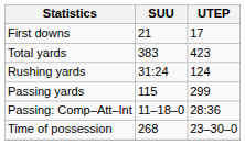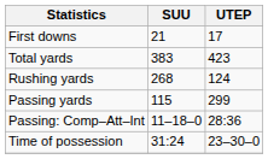 <table class="wikitable" style="float: left;">
 <tr>
 <th>Statistics</th>
 <th>SUU</th>
 <th>UTEP</th>
 </tr>
 <tr>
 <td>First downs</td>
 <td>21</td>
 <td>17</td>
 </tr>
 <tr>
 <td>Total yards</td>
 <td>383</td>
 <td>423</td>
 </tr>
 <tr>
 <td>Rushing yards</td>
-<td>31:24</td>
+<td>268</td>
 <td>124</td>
 </tr>
 <tr>
 <td>Passing yards</td>
 <td>115</td>
 <td>299</td>
 </tr>
 <tr>
 <td>Passing: Comp–Att–Int</td>
 <td>11–18–0</td>
 <td>28:36</td>
 </tr>
 <tr>
 <td>Time of possession</td>
-<td>268</td>
+<td>31:24</td>
 <td>23–30–0</td>
 </tr>
 <tr>
 </tr>
 </table>
